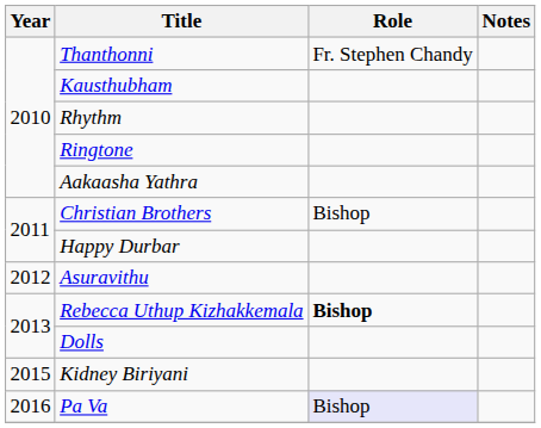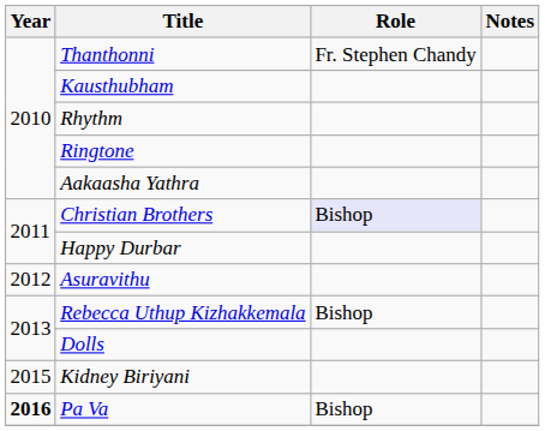 <table class="wikitable sortable">
 <tr>
 <th>Year</th>
 <th>Title</th>
 <th>Role</th>
 <th class="unsortable">Notes</th>
 </tr>
 <tr>
 <td rowspan=5>2010</td>
 <td><em><a href='#'>Thanthonni</a></em></td>
 <td>Fr. Stephen Chandy</td>
 <td></td>
 </tr>
 <tr>
 <td><em><a href='#'>Kausthubham</a></em></td>
 <td></td>
 <td></td>
 </tr>
 <tr>
 <td><em>Rhythm</em></td>
 <td></td>
 <td></td>
 </tr>
 <tr>
 <td><em><a href='#'>Ringtone</a></em></td>
 <td></td>
 <td></td>
 </tr>
 <tr>
 <td><em>Aakaasha Yathra</em></td>
 <td></td>
 <td></td>
 </tr>
 <tr>
 <td rowspan=2>2011</td>
 <td><em><a href='#'>Christian Brothers</a></em></td>
-<td>Bishop</td>
+<td style="background: lavender;">Bishop</td>
 <td></td>
 </tr>
 <tr>
 <td><em>Happy Durbar</em></td>
 <td></td>
 <td></td>
 </tr>
 <tr>
 <td>2012</td>
 <td><em><a href='#'>Asuravithu</a></em></td>
 <td></td>
 <td></td>
 </tr>
 <tr>
 <td rowspan=2>2013</td>
 <td><em><a href='#'>Rebecca Uthup Kizhakkemala</a></em></td>
-<td><strong>Bishop</strong></td>
+<td>Bishop</td>
 <td></td>
 </tr>
 <tr>
 <td><em><a href='#'>Dolls</a></em></td>
 <td></td>
 <td></td>
 </tr>
 <tr>
 <td>2015</td>
 <td><em>Kidney Biriyani</em></td>
 <td></td>
 <td></td>
 </tr>
 <tr>
-<td>2016</td>
+<td><strong>2016</strong></td>
 <td><em><a href='#'>Pa Va</a></em></td>
-<td style="background: lavender;">Bishop</td>
+<td>Bishop</td>
 <td></td>
 </tr>
 <tr>
 </tr>
 </table>
